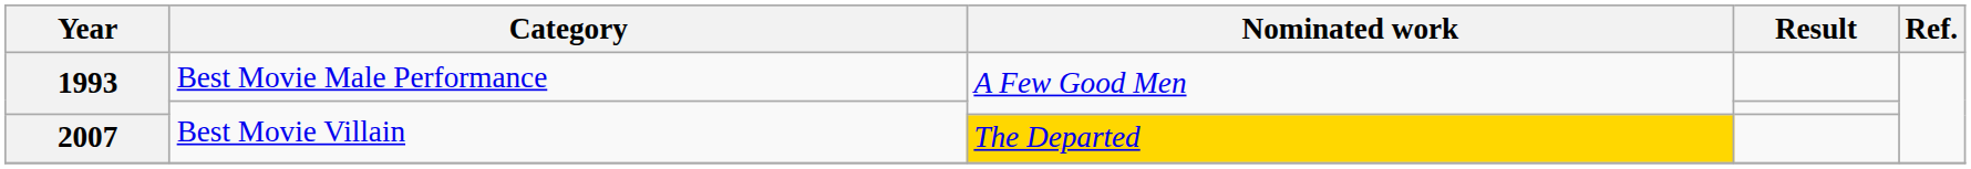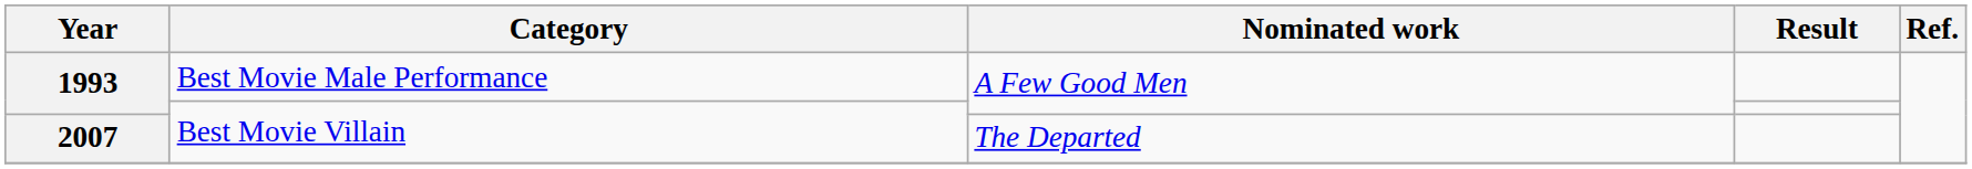 <table class=wikitable>
 <tr>
 <th scope="col" style="width:5em;">Year</th>
 <th scope="col" style="width:26em;">Category</th>
 <th scope="col" style="width:25em;">Nominated work</th>
 <th scope="col" style="width:5em;">Result</th>
 <th>Ref.</th>
 </tr>
 <tr>
 <th rowspan="2">1993</th>
 <td><a href='#'>Best Movie Male Performance</a></td>
 <td rowspan="2"><em><a href='#'>A Few Good Men</a></em></td>
 <td></td>
 <td rowspan="3"></td>
 </tr>
 <tr>
 <td rowspan="2"><a href='#'>Best Movie Villain</a></td>
 <td></td>
 </tr>
 <tr>
 <th>2007</th>
-<td style="background: gold;"><em><a href='#'>The Departed</a></em></td>
+<td><em><a href='#'>The Departed</a></em></td>
 <td></td>
 </tr>
 <tr>
 </tr>
 </table>
